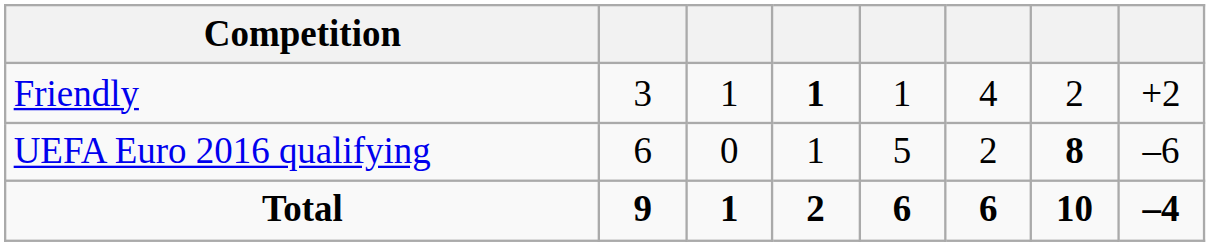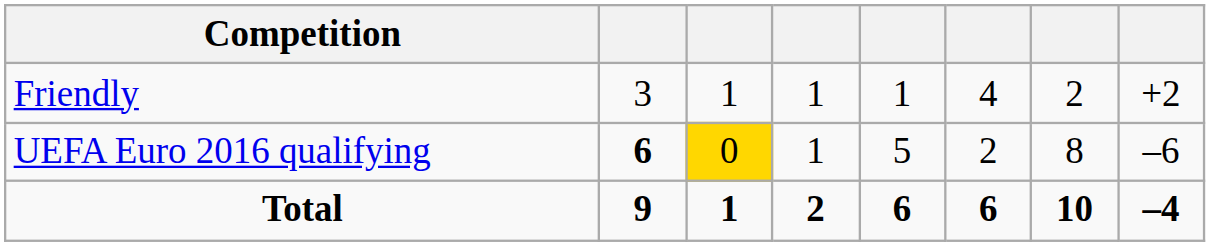 <table class="wikitable" style="text-align: center;">
 <tr>
 <th width=250>Competition</th>
 <th width=30></th>
 <th width=30></th>
 <th width=30></th>
 <th width=30></th>
 <th width=30></th>
 <th width=30></th>
 <th width=30></th>
 </tr>
 <tr>
 <td align=left><a href='#'>Friendly</a></td>
 <td>3</td>
 <td>1</td>
-<td><strong>1</strong></td>
+<td>1</td>
 <td>1</td>
 <td>4</td>
 <td>2</td>
 <td>+2</td>
 </tr>
 <tr>
 <td align=left><a href='#'>UEFA Euro 2016 qualifying</a></td>
-<td>6</td>
-<td>0</td>
+<td><strong>6</strong></td>
+<td style="background: gold;">0</td>
 <td>1</td>
 <td>5</td>
 <td>2</td>
-<td><strong>8</strong></td>
+<td>8</td>
 <td>–6</td>
 </tr>
 <tr>
 <td><strong>Total</strong></td>
 <td><strong>9</strong></td>
 <td><strong>1</strong></td>
 <td><strong>2</strong></td>
 <td><strong>6</strong></td>
 <td><strong>6</strong></td>
 <td><strong>10</strong></td>
 <td><strong>–4</strong></td>
 </tr>
 </table>
